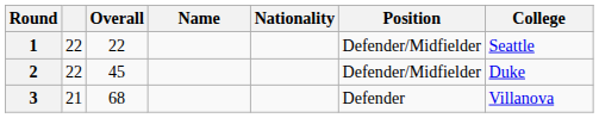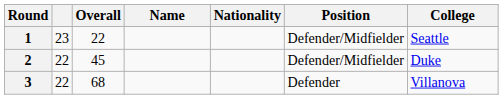 <table class="wikitable sortable" style="width:90%">
 <tr>
 <th scope="col" style="width: 3%;">Round</th>
 <th scope="col" style="width: 3%;"></th>
 <th scope="col" style="width: 4%;">Overall</th>
 <th scope="col" style="width: 20%;">Name</th>
 <th scope="col" style="width: 15%;">Nationality</th>
 <th scope="col" style="width: 15%;">Position</th>
 <th scope="col" style="width: 20%;">College</th>
 </tr>
 <tr>
 <th scope="row">1</th>
-<td align="center">22</td>
+<td align="center">23</td>
 <td align="center">22</td>
 <td></td>
 <td></td>
 <td>Defender/Midfielder</td>
 <td><a href='#'>Seattle</a></td>
 </tr>
 <tr>
 <th scope="row">2</th>
 <td align="center">22</td>
 <td align="center">45</td>
 <td></td>
 <td></td>
 <td>Defender/Midfielder</td>
 <td><a href='#'>Duke</a></td>
 </tr>
 <tr>
 <th scope="row">3</th>
-<td align="center">21</td>
+<td align="center">22</td>
 <td align="center">68</td>
 <td></td>
 <td></td>
 <td>Defender</td>
 <td><a href='#'>Villanova</a></td>
 </tr>
 </table>
